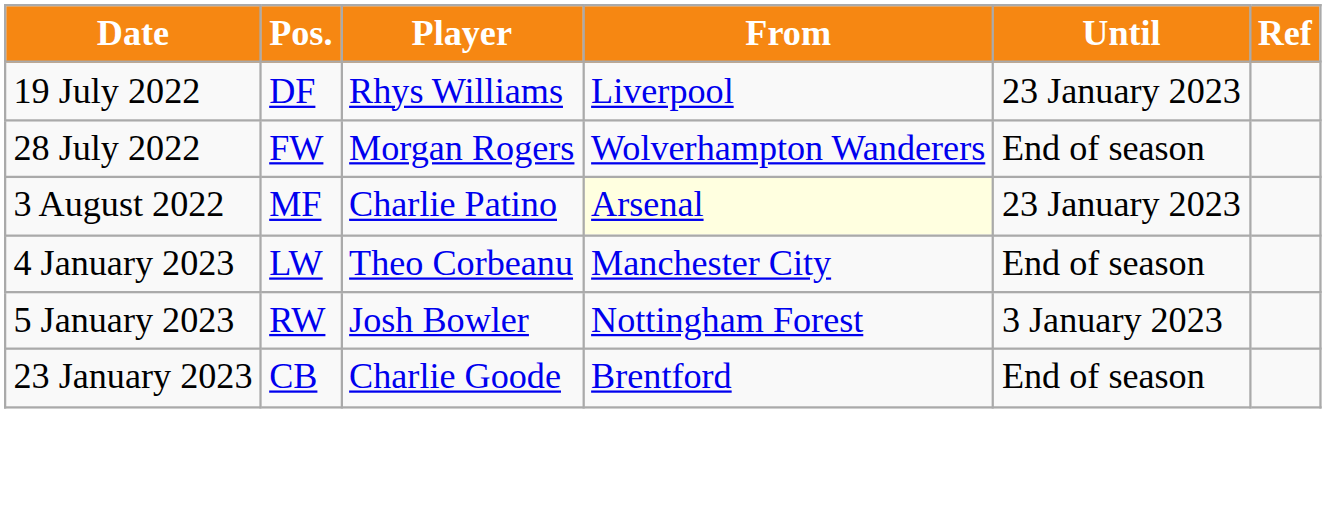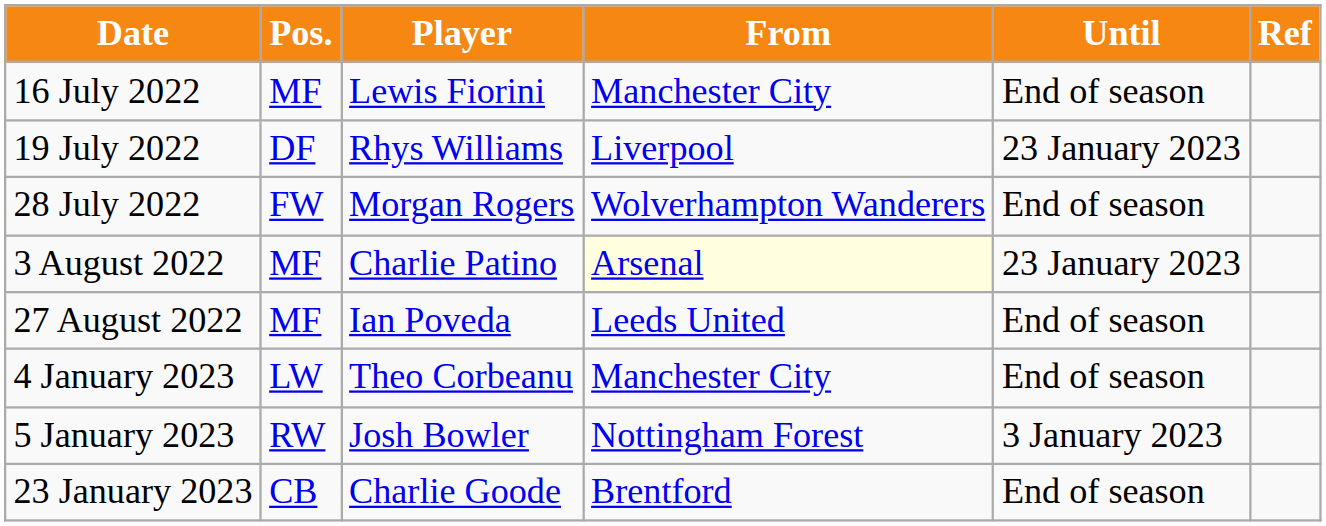 <table class="wikitable plainrowheaders sortable">
 <tr>
 <th style="background:#F68712; color:#FFFFFF; ">Date</th>
 <th style="background:#F68712; color:#FFFFFF; ">Pos.</th>
 <th style="background:#F68712; color:#FFFFFF; ">Player</th>
 <th style="background:#F68712; color:#FFFFFF; ">From</th>
 <th style="background:#F68712; color:#FFFFFF; ">Until</th>
 <th style="background:#F68712; color:#FFFFFF; ">Ref</th>
+</tr>
+<tr>
+<td>16 July 2022</td>
+<td><a href='#'>MF</a></td>
+<td> <a href='#'>Lewis Fiorini</a></td>
+<td><a href='#'>Manchester City</a></td>
+<td>End of season</td>
+<td></td>
 </tr>
 <tr>
 <td>19 July 2022</td>
 <td><a href='#'>DF</a></td>
 <td> <a href='#'>Rhys Williams</a></td>
 <td><a href='#'>Liverpool</a></td>
 <td>23 January 2023</td>
 <td></td>
 </tr>
 <tr>
 <td>28 July 2022</td>
 <td><a href='#'>FW</a></td>
 <td> <a href='#'>Morgan Rogers</a></td>
 <td><a href='#'>Wolverhampton Wanderers</a></td>
 <td>End of season</td>
 <td></td>
 </tr>
 <tr>
 <td>3 August 2022</td>
 <td><a href='#'>MF</a></td>
 <td> <a href='#'>Charlie Patino</a></td>
 <td style="background: lightyellow;"><a href='#'>Arsenal</a></td>
 <td>23 January 2023</td>
+<td></td>
+</tr>
+<tr>
+<td>27 August 2022</td>
+<td><a href='#'>MF</a></td>
+<td> <a href='#'>Ian Poveda</a></td>
+<td><a href='#'>Leeds United</a></td>
+<td>End of season</td>
 <td></td>
 </tr>
 <tr>
 <td>4 January 2023</td>
 <td><a href='#'>LW</a></td>
 <td> <a href='#'>Theo Corbeanu</a></td>
 <td><a href='#'>Manchester City</a></td>
 <td>End of season</td>
 <td></td>
 </tr>
 <tr>
 <td>5 January 2023</td>
 <td><a href='#'>RW</a></td>
 <td> <a href='#'>Josh Bowler</a></td>
 <td><a href='#'>Nottingham Forest</a></td>
 <td>3 January 2023</td>
 <td></td>
 </tr>
 <tr>
 <td>23 January 2023</td>
 <td><a href='#'>CB</a></td>
 <td> <a href='#'>Charlie Goode</a></td>
 <td><a href='#'>Brentford</a></td>
 <td>End of season</td>
 <td></td>
 </tr>
 </table>
